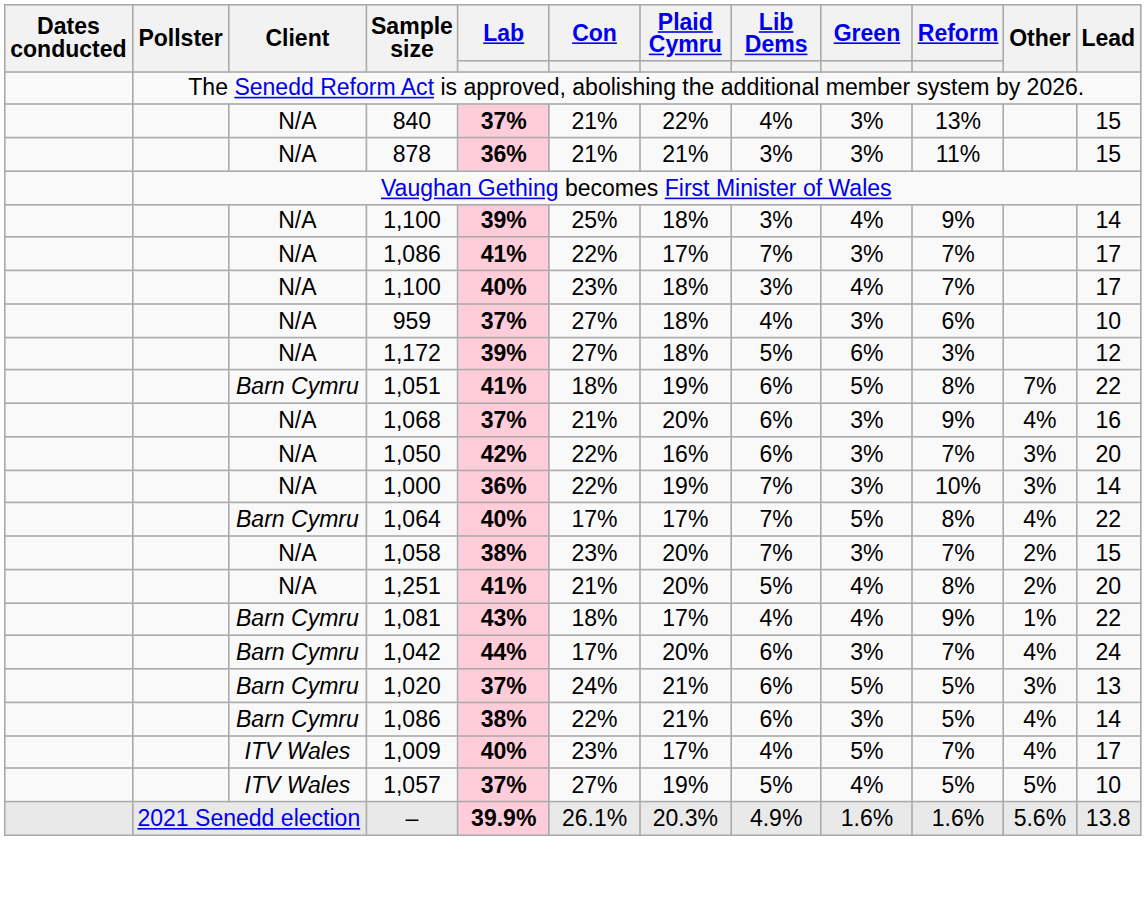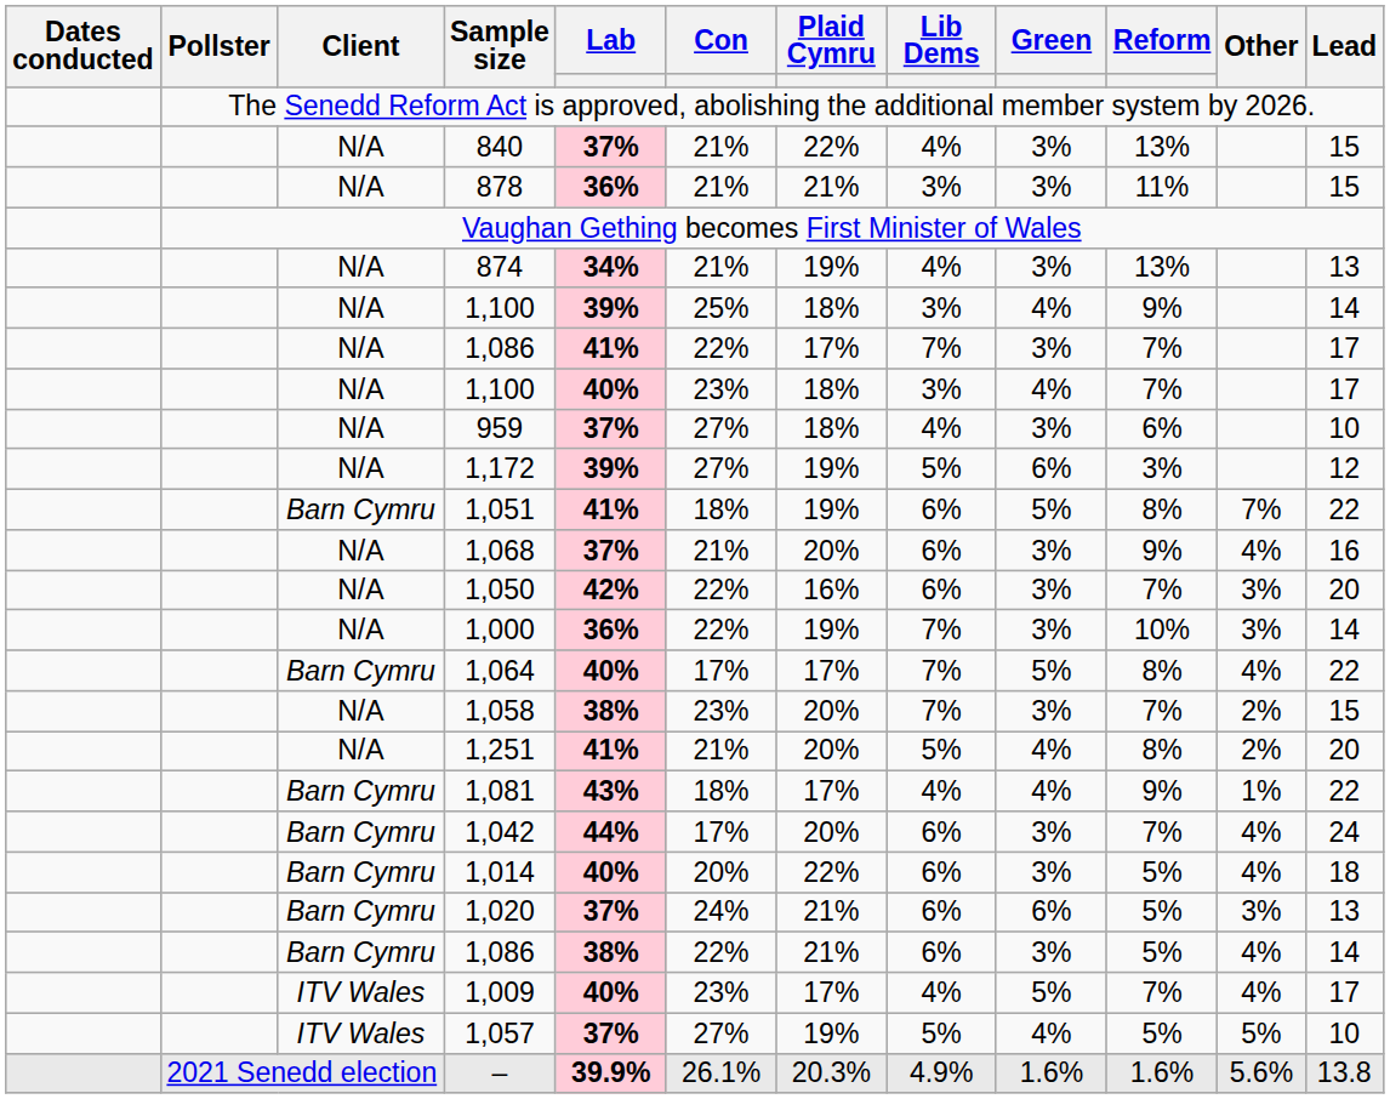 <table class="wikitable sortable mw-datatable" style="text-align:center;font-size:90%;line-height:14px;">
 <tr>
 <th rowspan="2">Dates<br>conducted</th>
 <th rowspan="2">Pollster</th>
 <th rowspan="2">Client</th>
 <th rowspan="2" data-sort-type="number">Sample<br>size</th>
 <th class="unsortable" style="width:50px;"><a href='#'>Lab</a></th>
 <th class="unsortable" style="width:50px;"><a href='#'>Con</a></th>
 <th class="unsortable" style="width:50px;"><a href='#'>Plaid Cymru</a></th>
 <th class="unsortable" style="width:50px;"><a href='#'>Lib Dems</a></th>
 <th class="unsortable" style="width:50px;"><a href='#'>Green</a></th>
 <th class="unsortable" style="width:50px;"><a href='#'>Reform</a></th>
 <th rowspan="2" class="unsortable">Other</th>
 <th rowspan="2" data-sort-type="number">Lead</th>
 </tr>
 <tr>
 <th data-sort-type="number" style="background:"></th>
 <th data-sort-type="number" style="background:"></th>
 <th data-sort-type="number" style="background:"></th>
 <th data-sort-type="number" style="background:"></th>
 <th data-sort-type="number" style="background:"></th>
 <th data-sort-type="number" style="background:"></th>
 </tr>
 <tr>
 <td></td>
 <td colspan="11">The <a href='#'>Senedd Reform Act</a> is approved, abolishing the additional member system by 2026.</td>
 </tr>
 <tr>
 <td></td>
 <td></td>
 <td>N/A</td>
 <td>840</td>
 <td style="background:#FFCCD9;"><strong>37%</strong></td>
 <td>21%</td>
 <td>22%</td>
 <td>4%</td>
 <td>3%</td>
 <td>13%</td>
 <td></td>
 <td style="background:">15</td>
 </tr>
 <tr>
 <td></td>
 <td></td>
 <td>N/A</td>
 <td>878</td>
 <td style="background:#FFCCD9;"><strong>36%</strong></td>
 <td>21%</td>
 <td>21%</td>
 <td>3%</td>
 <td>3%</td>
 <td>11%</td>
 <td></td>
 <td style="background:">15</td>
 </tr>
 <tr>
 <td></td>
 <td colspan="11"><a href='#'>Vaughan Gething</a> becomes <a href='#'>First Minister of Wales</a></td>
+</tr>
+<tr>
+<td></td>
+<td></td>
+<td>N/A</td>
+<td>874</td>
+<td style="background:#FFCCD9;"><strong>34%</strong></td>
+<td>21%</td>
+<td>19%</td>
+<td>4%</td>
+<td>3%</td>
+<td>13%</td>
+<td></td>
+<td style="background:">13</td>
 </tr>
 <tr>
 <td></td>
 <td></td>
 <td>N/A</td>
 <td>1,100</td>
 <td style="background:#FFCCD9;"><strong>39%</strong></td>
 <td>25%</td>
 <td>18%</td>
 <td>3%</td>
 <td>4%</td>
 <td>9%</td>
 <td></td>
 <td style="background:">14</td>
 </tr>
 <tr>
 <td></td>
 <td></td>
 <td>N/A</td>
 <td>1,086</td>
 <td style="background:#FFCCD9;"><strong>41%</strong></td>
 <td>22%</td>
 <td>17%</td>
 <td>7%</td>
 <td>3%</td>
 <td>7%</td>
 <td></td>
 <td style="background:">17</td>
 </tr>
 <tr>
 <td></td>
 <td></td>
 <td>N/A</td>
 <td>1,100</td>
 <td style="background:#FFCCD9;"><strong>40%</strong></td>
 <td>23%</td>
 <td>18%</td>
 <td>3%</td>
 <td>4%</td>
 <td>7%</td>
 <td></td>
 <td style="background:">17</td>
 </tr>
 <tr>
 <td></td>
 <td></td>
 <td>N/A</td>
 <td>959</td>
 <td style="background:#FFCCD9;"><strong>37%</strong></td>
 <td>27%</td>
 <td>18%</td>
 <td>4%</td>
 <td>3%</td>
 <td>6%</td>
 <td></td>
 <td style="background:">10</td>
 </tr>
 <tr>
 <td></td>
 <td></td>
 <td>N/A</td>
 <td>1,172</td>
 <td style="background:#FFCCD9;"><strong>39%</strong></td>
 <td>27%</td>
-<td>18%</td>
+<td>19%</td>
 <td>5%</td>
 <td>6%</td>
 <td>3%</td>
 <td></td>
 <td style="background:">12</td>
 </tr>
 <tr>
 <td></td>
 <td></td>
 <td><em>Barn Cymru</em></td>
 <td>1,051</td>
 <td style="background:#FFCCD9;"><strong>41%</strong></td>
 <td>18%</td>
 <td>19%</td>
 <td>6%</td>
 <td>5%</td>
 <td>8%</td>
 <td>7%</td>
 <td style="background:">22</td>
 </tr>
 <tr>
 <td></td>
 <td></td>
 <td>N/A</td>
 <td>1,068</td>
 <td style="background:#FFCCD9;"><strong>37%</strong></td>
 <td>21%</td>
 <td>20%</td>
 <td>6%</td>
 <td>3%</td>
 <td>9%</td>
 <td>4%</td>
 <td style="background:">16</td>
 </tr>
 <tr>
 <td></td>
 <td></td>
 <td>N/A</td>
 <td>1,050</td>
 <td style="background:#FFCCD9;"><strong>42%</strong></td>
 <td>22%</td>
 <td>16%</td>
 <td>6%</td>
 <td>3%</td>
 <td>7%</td>
 <td>3%</td>
 <td style="background:">20</td>
 </tr>
 <tr>
 <td></td>
 <td></td>
 <td>N/A</td>
 <td>1,000</td>
 <td style="background:#FFCCD9;"><strong>36%</strong></td>
 <td>22%</td>
 <td>19%</td>
 <td>7%</td>
 <td>3%</td>
 <td>10%</td>
 <td>3%</td>
 <td style="background:">14</td>
 </tr>
 <tr>
 <td></td>
 <td></td>
 <td><em>Barn Cymru</em></td>
 <td>1,064</td>
 <td style="background:#FFCCD9;"><strong>40%</strong></td>
 <td>17%</td>
 <td>17%</td>
 <td>7%</td>
 <td>5%</td>
 <td>8%</td>
 <td>4%</td>
 <td style="background:">22</td>
 </tr>
 <tr>
 <td></td>
 <td></td>
 <td>N/A</td>
 <td>1,058</td>
 <td style="background:#FFCCD9;"><strong>38%</strong></td>
 <td>23%</td>
 <td>20%</td>
 <td>7%</td>
 <td>3%</td>
 <td>7%</td>
 <td>2%</td>
 <td style="background:">15</td>
 </tr>
 <tr>
 <td></td>
 <td></td>
 <td>N/A</td>
 <td>1,251</td>
 <td style="background:#FFCCD9;"><strong>41%</strong></td>
 <td>21%</td>
 <td>20%</td>
 <td>5%</td>
 <td>4%</td>
 <td>8%</td>
 <td>2%</td>
 <td style="background:">20</td>
 </tr>
 <tr>
 <td></td>
 <td></td>
 <td><em>Barn Cymru</em></td>
 <td>1,081</td>
 <td style="background:#FFCCD9;"><strong>43%</strong></td>
 <td>18%</td>
 <td>17%</td>
 <td>4%</td>
 <td>4%</td>
 <td>9%</td>
 <td>1%</td>
 <td style="background:">22</td>
 </tr>
 <tr>
 <td></td>
 <td></td>
 <td><em>Barn Cymru</em></td>
 <td>1,042</td>
 <td style="background:#FFCCD9;"><strong>44%</strong></td>
 <td>17%</td>
 <td>20%</td>
 <td>6%</td>
 <td>3%</td>
 <td>7%</td>
 <td>4%</td>
 <td style="background:">24</td>
 </tr>
 <tr>
 <td></td>
 <td></td>
 <td><em>Barn Cymru</em></td>
+<td>1,014</td>
+<td style="background:#FFCCD9;"><strong>40%</strong></td>
+<td>20%</td>
+<td>22%</td>
+<td>6%</td>
+<td>3%</td>
+<td>5%</td>
+<td>4%</td>
+<td style="background:">18</td>
+</tr>
+<tr>
+<td></td>
+<td></td>
+<td><em>Barn Cymru</em></td>
 <td>1,020</td>
 <td style="background:#FFCCD9;"><strong>37%</strong></td>
 <td>24%</td>
 <td>21%</td>
 <td>6%</td>
-<td>5%</td>
+<td>6%</td>
 <td>5%</td>
 <td>3%</td>
 <td style="background:">13</td>
 </tr>
 <tr>
 <td></td>
 <td></td>
 <td><em>Barn Cymru</em></td>
 <td>1,086</td>
 <td style="background:#FFCCD9;"><strong>38%</strong></td>
 <td>22%</td>
 <td>21%</td>
 <td>6%</td>
 <td>3%</td>
 <td>5%</td>
 <td>4%</td>
 <td style="background:">14</td>
 </tr>
 <tr>
 <td></td>
 <td></td>
 <td><em>ITV Wales</em></td>
 <td>1,009</td>
 <td style="background:#FFCCD9;"><strong>40%</strong></td>
 <td>23%</td>
 <td>17%</td>
 <td>4%</td>
 <td>5%</td>
 <td>7%</td>
 <td>4%</td>
 <td style="background:">17</td>
 </tr>
 <tr>
 <td></td>
 <td></td>
 <td><em>ITV Wales</em></td>
 <td>1,057</td>
 <td style="background:#FFCCD9;"><strong>37%</strong></td>
 <td>27%</td>
 <td>19%</td>
 <td>5%</td>
 <td>4%</td>
 <td>5%</td>
 <td>5%</td>
 <td style="background:">10</td>
 </tr>
 <tr style="background:#E9E9E9;">
 <td></td>
 <td colspan="2"><a href='#'>2021 Senedd election</a></td>
 <td>–</td>
 <td style="background:#FFCCD9;"><strong>39.9%</strong></td>
 <td>26.1%</td>
 <td>20.3%</td>
 <td>4.9%</td>
 <td>1.6%</td>
 <td>1.6%</td>
 <td>5.6%</td>
 <td style="background:">13.8</td>
 </tr>
 </table>
